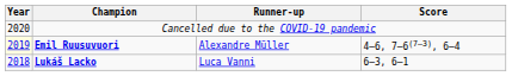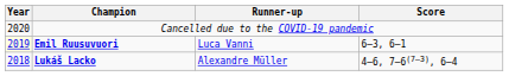 <table class="wikitable" style="font-size:90%">
 <tr>
 <th>Year</th>
 <th width="200">Champion</th>
 <th width="200">Runner-up</th>
 <th width="175">Score</th>
 </tr>
 <tr>
 <td>2020</td>
 <td Colspan=4 style="text-align: center"><em>Cancelled due to the <a href='#'>COVID-19 pandemic</a></em></td>
 </tr>
 <tr>
 <td style="background: lightyellow;"><a href='#'>2019</a></td>
 <td> <strong><a href='#'>Emil Ruusuvuori</a></strong></td>
-<td> <a href='#'>Alexandre Müller</a></td>
-<td>4–6, 7–6<sup>(7–3)</sup>, 6–4</td>
+<td> <a href='#'>Luca Vanni</a></td>
+<td>6–3, 6–1</td>
 </tr>
 <tr>
 <td><a href='#'>2018</a></td>
 <td> <strong><a href='#'>Lukáš Lacko</a></strong></td>
-<td> <a href='#'>Luca Vanni</a></td>
-<td>6–3, 6–1</td>
+<td> <a href='#'>Alexandre Müller</a></td>
+<td>4–6, 7–6<sup>(7–3)</sup>, 6–4</td>
 </tr>
 </table>
